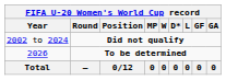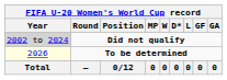 <table class="wikitable" style="text-align: center;">
 <tr>
 <th colspan=10><a href='#'>FIFA U-20 Women's World Cup</a> record</th>
 </tr>
 <tr>
 <th>Year</th>
 <th>Round</th>
 <th>Position</th>
 <th>MP</th>
 <th>W</th>
 <th>D*</th>
 <th>L</th>
 <th>GF</th>
 <th>GA</th>
 </tr>
 <tr>
-<td> <a href='#'>2002</a> to   <a href='#'>2024</a></td>
+<td style="background: lightgrey;"> <a href='#'>2002</a> to   <a href='#'>2024</a></td>
 <td colspan=9><strong>Did not qualify</strong></td>
 </tr>
 <tr>
-<td> <a href='#'>2026</a></td>
+<td style="background: lightyellow;"> <a href='#'>2026</a></td>
 <td colspan=9><strong>To be determined</strong></td>
 </tr>
 <tr>
 <th>Total</th>
 <th>–</th>
 <th>0/12</th>
 <th>0</th>
 <th>0</th>
 <th>0</th>
 <th>0</th>
 <th>0</th>
 <th>0</th>
 </tr>
 </table>
